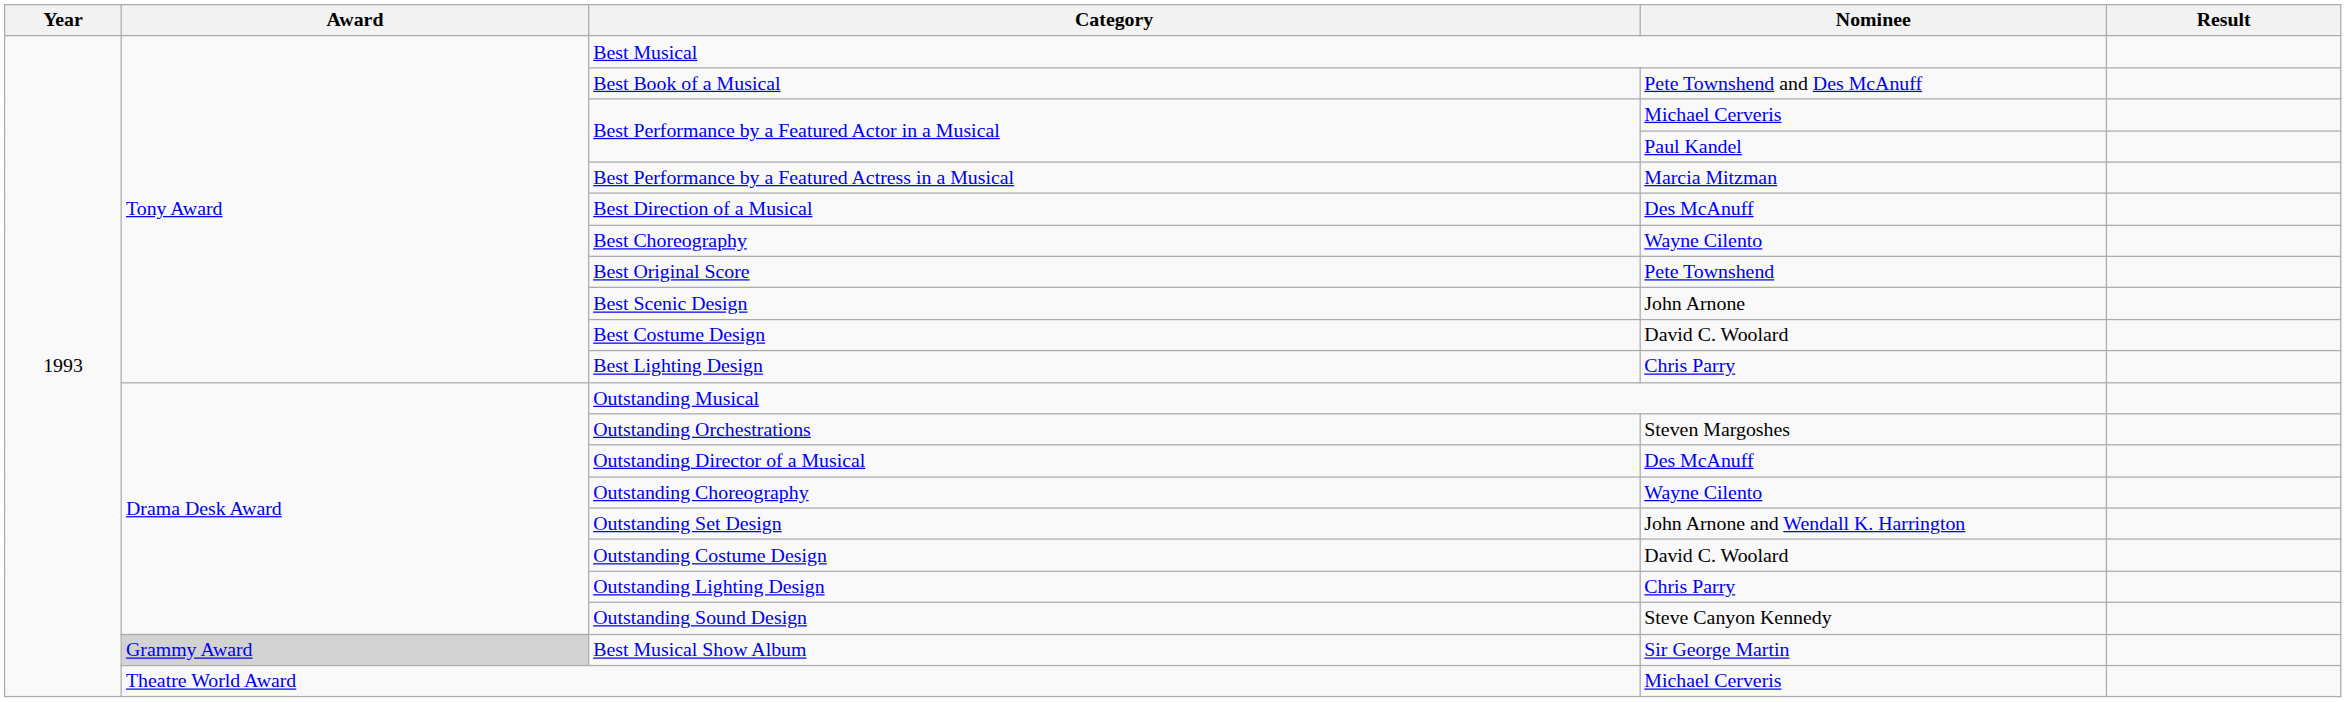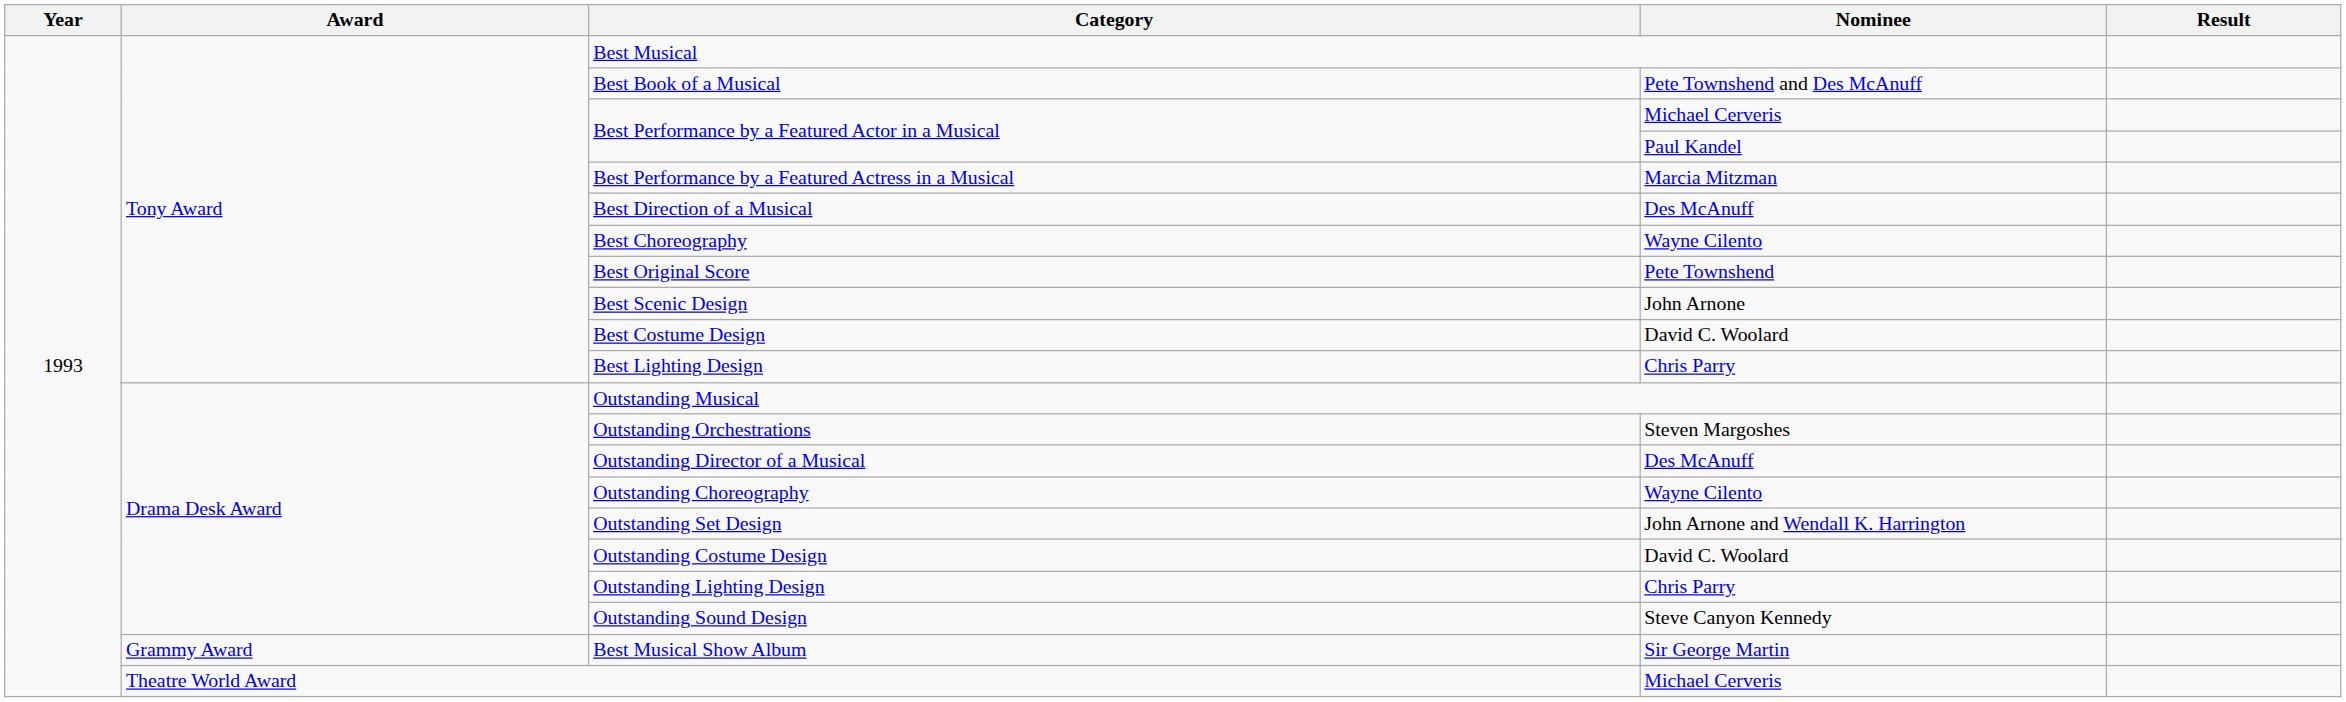 <table class="wikitable" width="95%">
 <tr>
 <th width="5%">Year</th>
 <th width="20%">Award</th>
 <th width="45%">Category</th>
 <th width="20%">Nominee</th>
 <th width="10%">Result</th>
 </tr>
 <tr>
 <td rowspan="21" align="center">1993</td>
 <td rowspan="11"><a href='#'>Tony Award</a></td>
 <td colspan="2"><a href='#'>Best Musical</a></td>
 <td></td>
 </tr>
 <tr>
 <td><a href='#'>Best Book of a Musical</a></td>
 <td><a href='#'>Pete Townshend</a> and <a href='#'>Des McAnuff</a></td>
 <td></td>
 </tr>
 <tr>
 <td rowspan="2"><a href='#'>Best Performance by a Featured Actor in a Musical</a></td>
 <td><a href='#'>Michael Cerveris</a></td>
 <td></td>
 </tr>
 <tr>
 <td><a href='#'>Paul Kandel</a></td>
 <td></td>
 </tr>
 <tr>
 <td><a href='#'>Best Performance by a Featured Actress in a Musical</a></td>
 <td><a href='#'>Marcia Mitzman</a></td>
 <td></td>
 </tr>
 <tr>
 <td><a href='#'>Best Direction of a Musical</a></td>
 <td><a href='#'>Des McAnuff</a></td>
 <td></td>
 </tr>
 <tr>
 <td><a href='#'>Best Choreography</a></td>
 <td><a href='#'>Wayne Cilento</a></td>
 <td></td>
 </tr>
 <tr>
 <td><a href='#'>Best Original Score</a></td>
 <td><a href='#'>Pete Townshend</a></td>
 <td></td>
 </tr>
 <tr>
 <td><a href='#'>Best Scenic Design</a></td>
 <td>John Arnone</td>
 <td></td>
 </tr>
 <tr>
 <td><a href='#'>Best Costume Design</a></td>
 <td>David C. Woolard</td>
 <td></td>
 </tr>
 <tr>
 <td><a href='#'>Best Lighting Design</a></td>
 <td><a href='#'>Chris Parry</a></td>
 <td></td>
 </tr>
 <tr>
 <td rowspan="8"><a href='#'>Drama Desk Award</a></td>
 <td colspan="2"><a href='#'>Outstanding Musical</a></td>
 <td></td>
 </tr>
 <tr>
 <td><a href='#'>Outstanding Orchestrations</a></td>
 <td>Steven Margoshes</td>
 <td></td>
 </tr>
 <tr>
 <td><a href='#'>Outstanding Director of a Musical</a></td>
 <td><a href='#'>Des McAnuff</a></td>
 <td></td>
 </tr>
 <tr>
 <td><a href='#'>Outstanding Choreography</a></td>
 <td><a href='#'>Wayne Cilento</a></td>
 <td></td>
 </tr>
 <tr>
 <td><a href='#'>Outstanding Set Design</a></td>
 <td>John Arnone and <a href='#'>Wendall K. Harrington</a></td>
 <td></td>
 </tr>
 <tr>
 <td><a href='#'>Outstanding Costume Design</a></td>
 <td>David C. Woolard</td>
 <td></td>
 </tr>
 <tr>
 <td><a href='#'>Outstanding Lighting Design</a></td>
 <td><a href='#'>Chris Parry</a></td>
 <td></td>
 </tr>
 <tr>
 <td><a href='#'>Outstanding Sound Design</a></td>
 <td>Steve Canyon Kennedy</td>
 <td></td>
 </tr>
 <tr>
-<td style="background: lightgrey;"><a href='#'>Grammy Award</a></td>
+<td><a href='#'>Grammy Award</a></td>
 <td><a href='#'>Best Musical Show Album</a></td>
 <td><a href='#'>Sir George Martin</a></td>
 <td></td>
 </tr>
 <tr>
 <td colspan=2><a href='#'>Theatre World Award</a></td>
 <td><a href='#'>Michael Cerveris</a></td>
 <td></td>
 </tr>
 </table>
